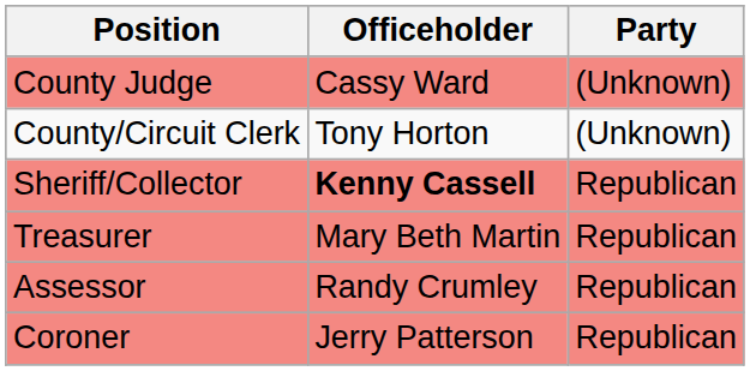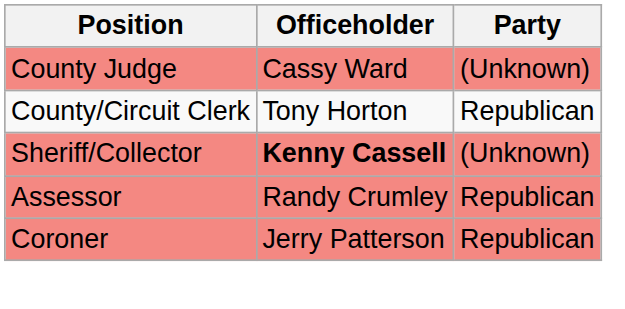 <table class="wikitable mw-collapsible">
 <tr>
 <th>Position</th>
 <th>Officeholder</th>
 <th>Party</th>
 </tr>
 <tr style="background-color:#F48882;">
 <td>County Judge</td>
 <td>Cassy Ward</td>
 <td>(Unknown)</td>
 </tr>
 <tr>
 <td>County/Circuit Clerk</td>
 <td>Tony Horton</td>
-<td>(Unknown)</td>
+<td>Republican</td>
 </tr>
 <tr style="background-color:#F48882;">
 <td>Sheriff/Collector</td>
 <td><strong>Kenny Cassell</strong></td>
-<td>Republican</td>
-</tr>
-<tr style="background-color:#F48882;">
-<td>Treasurer</td>
-<td>Mary Beth Martin</td>
-<td>Republican</td>
+<td>(Unknown)</td>
 </tr>
 <tr style="background-color:#F48882;">
 <td>Assessor</td>
 <td>Randy Crumley</td>
 <td>Republican</td>
 </tr>
 <tr style="background-color:#F48882;">
 <td>Coroner</td>
 <td>Jerry Patterson</td>
 <td>Republican</td>
 </tr>
 </table>
